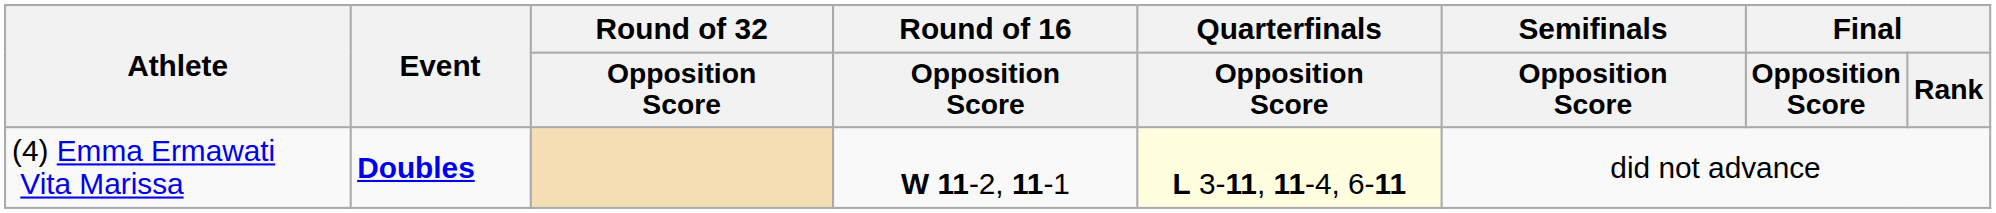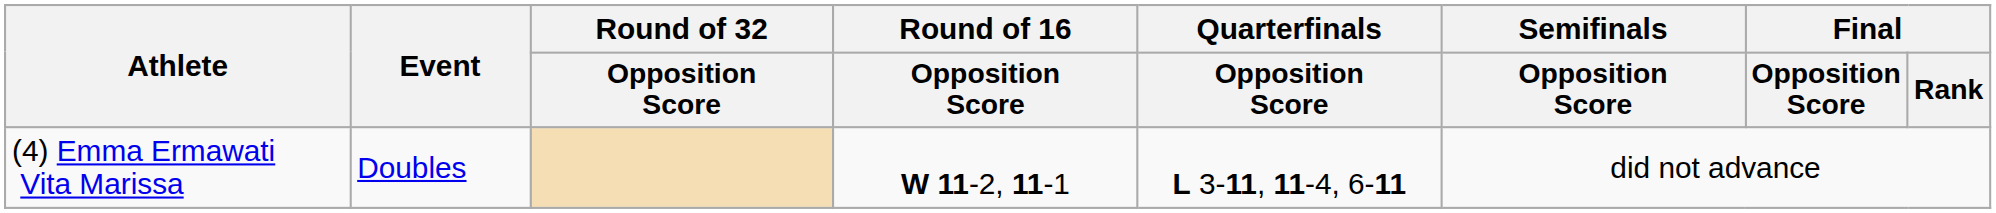 <table class="wikitable" style="font-size:90%; text-align:center">
 <tr>
 <th width="160" rowspan="2">Athlete</th>
 <th width="80" rowspan="2">Event</th>
 <th width="140">Round of 32</th>
 <th width="140">Round of 16</th>
 <th width="140">Quarterfinals</th>
 <th width="140">Semifinals</th>
 <th width="110" colspan="2">Final</th>
 </tr>
 <tr style="font-size:95%">
 <th>Opposition<br>Score</th>
 <th>Opposition<br>Score</th>
 <th>Opposition<br>Score</th>
 <th>Opposition<br>Score</th>
 <th>Opposition<br>Score</th>
 <th>Rank</th>
 </tr>
 <tr>
 <td align=left>(4) <a href='#'>Emma Ermawati</a> <br>  <a href='#'>Vita Marissa</a></td>
-<td align=left><strong><a href='#'>Doubles</a></strong></td>
+<td align=left><a href='#'>Doubles</a></td>
 <td bgcolor=wheat></td>
 <td align="center"> <br> <strong>W</strong> <strong>11</strong>-2, <strong>11</strong>-1</td>
-<td align="center" style="background: lightyellow;"> <br> <strong>L</strong> 3-<strong>11</strong>, <strong>11</strong>-4, 6-<strong>11</strong></td>
+<td align="center"> <br> <strong>L</strong> 3-<strong>11</strong>, <strong>11</strong>-4, 6-<strong>11</strong></td>
 <td align="center" colspan=3>did not advance</td>
 </tr>
 </table>
